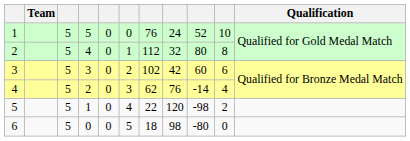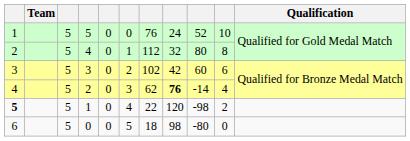 <table class="wikitable" style="text-align:center;">
 <tr>
 <th width="20"></th>
 <th>Team</th>
 <th width="20"></th>
 <th width="20"></th>
 <th width="20"></th>
 <th width="20"></th>
 <th width="25"></th>
 <th width="25"></th>
 <th width="30"></th>
 <th width="20"></th>
 <th>Qualification</th>
 </tr>
 <tr style="background: #ccffcc;">
 <td>1</td>
 <td align=left></td>
 <td>5</td>
 <td>5</td>
 <td>0</td>
 <td>0</td>
 <td>76</td>
 <td>24</td>
 <td>52</td>
 <td>10</td>
 <td rowspan=2 align=left>Qualified for Gold Medal Match</td>
 </tr>
 <tr style="background: #ccffcc;">
 <td>2</td>
 <td align=left></td>
 <td>5</td>
 <td>4</td>
 <td>0</td>
 <td>1</td>
 <td>112</td>
 <td>32</td>
 <td>80</td>
 <td>8</td>
 </tr>
 <tr style="background: #FFFF99">
 <td>3</td>
 <td align=left></td>
 <td>5</td>
 <td>3</td>
 <td>0</td>
 <td>2</td>
 <td>102</td>
 <td>42</td>
 <td>60</td>
 <td>6</td>
 <td rowspan=2 align=left>Qualified for Bronze Medal Match</td>
 </tr>
 <tr style="background: #FFFF99">
 <td>4</td>
 <td align=left></td>
 <td>5</td>
 <td>2</td>
 <td>0</td>
 <td>3</td>
 <td>62</td>
-<td>76</td>
+<td><strong>76</strong></td>
 <td>-14</td>
 <td>4</td>
 </tr>
 <tr>
-<td>5</td>
+<td><strong>5</strong></td>
 <td align=left></td>
 <td>5</td>
 <td>1</td>
 <td>0</td>
 <td>4</td>
 <td>22</td>
 <td>120</td>
 <td>-98</td>
 <td>2</td>
 <td></td>
 </tr>
 <tr>
 <td>6</td>
 <td align=left></td>
 <td>5</td>
 <td>0</td>
 <td>0</td>
 <td>5</td>
 <td>18</td>
 <td>98</td>
 <td>-80</td>
 <td>0</td>
 <td></td>
 </tr>
 </table>
